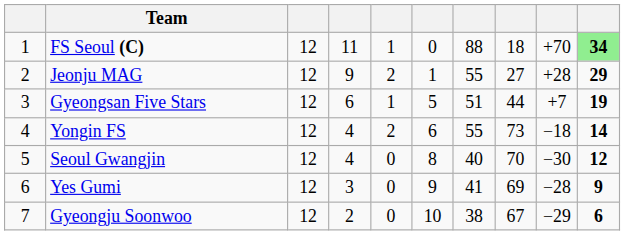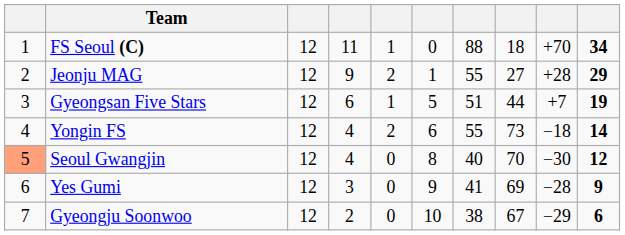 <table class="wikitable" style="text-align: center;">
 <tr>
 <th width=30></th>
 <th width=210>Team</th>
 <th width=30></th>
 <th width=30></th>
 <th width=30></th>
 <th width=30></th>
 <th width=30></th>
 <th width=30></th>
 <th width=30></th>
 <th width=30></th>
 </tr>
 <tr>
 <td>1</td>
 <td style="text-align:left;"><a href='#'>FS Seoul</a> <strong>(C)</strong></td>
 <td>12</td>
 <td>11</td>
 <td>1</td>
 <td>0</td>
 <td>88</td>
 <td>18</td>
 <td>+70</td>
-<td style="background: lightgreen;"><strong>34</strong></td>
+<td><strong>34</strong></td>
 </tr>
 <tr>
 <td>2</td>
 <td style="text-align:left;"><a href='#'>Jeonju MAG</a></td>
 <td>12</td>
 <td>9</td>
 <td>2</td>
 <td>1</td>
 <td>55</td>
 <td>27</td>
 <td>+28</td>
 <td><strong>29</strong></td>
 </tr>
 <tr>
 <td>3</td>
 <td style="text-align:left;"><a href='#'>Gyeongsan Five Stars</a></td>
 <td>12</td>
 <td>6</td>
 <td>1</td>
 <td>5</td>
 <td>51</td>
 <td>44</td>
 <td>+7</td>
 <td><strong>19</strong></td>
 </tr>
 <tr>
 <td>4</td>
 <td style="text-align:left;"><a href='#'>Yongin FS</a></td>
 <td>12</td>
 <td>4</td>
 <td>2</td>
 <td>6</td>
 <td>55</td>
 <td>73</td>
 <td>−18</td>
 <td><strong>14</strong></td>
 </tr>
 <tr>
-<td>5</td>
+<td style="background: lightsalmon;">5</td>
 <td style="text-align:left;"><a href='#'>Seoul Gwangjin</a></td>
 <td>12</td>
 <td>4</td>
 <td>0</td>
 <td>8</td>
 <td>40</td>
 <td>70</td>
 <td>−30</td>
 <td><strong>12</strong></td>
 </tr>
 <tr>
 <td>6</td>
 <td style="text-align:left;"><a href='#'>Yes Gumi</a></td>
 <td>12</td>
 <td>3</td>
 <td>0</td>
 <td>9</td>
 <td>41</td>
 <td>69</td>
 <td>−28</td>
 <td><strong>9</strong></td>
 </tr>
 <tr>
 <td>7</td>
 <td style="text-align:left;"><a href='#'>Gyeongju Soonwoo</a></td>
 <td>12</td>
 <td>2</td>
 <td>0</td>
 <td>10</td>
 <td>38</td>
 <td>67</td>
 <td>−29</td>
 <td><strong>6</strong></td>
 </tr>
 </table>
